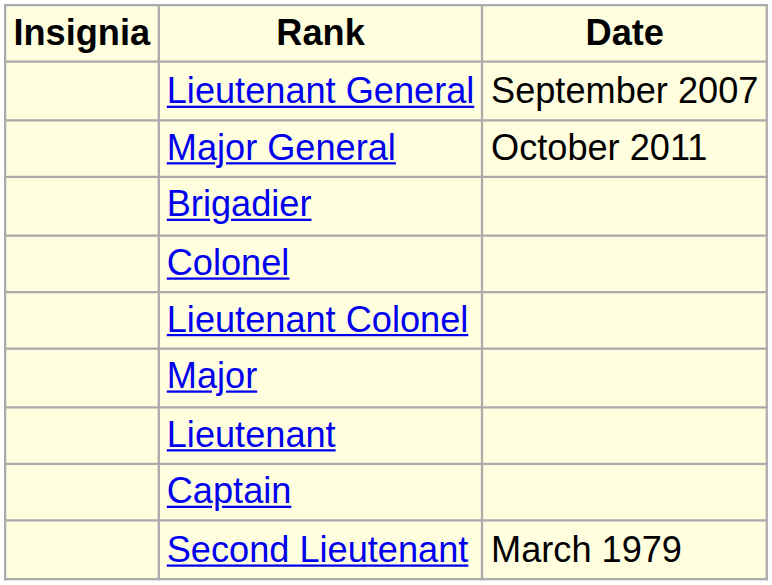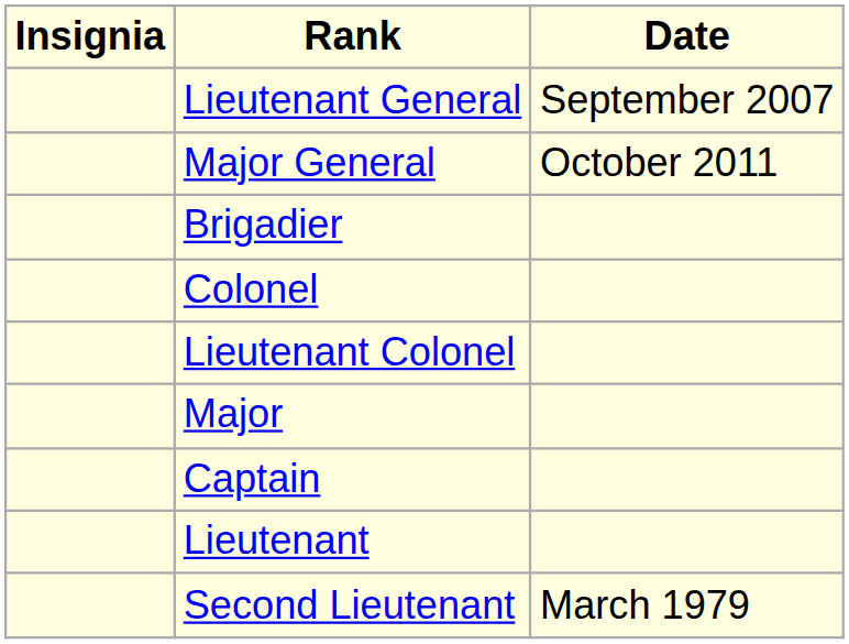 <table class="wikitable">
 <tr>
 <th style="background:#FFFFE0">Insignia</th>
 <th style="background:#FFFFE0">Rank</th>
 <th style="background:#FFFFE0">Date</th>
 </tr>
 <tr>
 <td style="background:#FFFFE0"> </td>
 <td style="background:#FFFFE0"><a href='#'>Lieutenant General</a></td>
 <td style="background:#FFFFE0">September 2007</td>
 </tr>
 <tr>
 <td style="background:#FFFFE0"> </td>
 <td style="background:#FFFFE0"><a href='#'>Major General</a></td>
 <td style="background:#FFFFE0">October 2011</td>
 </tr>
 <tr>
 <td style="background:#FFFFE0"> </td>
 <td style="background:#FFFFE0"><a href='#'>Brigadier</a></td>
 <td style="background:#FFFFE0"></td>
 </tr>
 <tr>
 <td style="background:#FFFFE0"></td>
 <td style="background:#FFFFE0"><a href='#'>Colonel</a></td>
 <td style="background:#FFFFE0"></td>
 </tr>
 <tr>
 <td style="background:#FFFFE0"></td>
 <td style="background:#FFFFE0"><a href='#'>Lieutenant Colonel</a></td>
 <td style="background:#FFFFE0"></td>
 </tr>
 <tr>
 <td style="background:#FFFFE0"></td>
 <td style="background:#FFFFE0"><a href='#'>Major</a></td>
 <td style="background:#FFFFE0"></td>
 </tr>
 <tr>
 <td style="background:#FFFFE0"></td>
-<td style="background:#FFFFE0"><a href='#'>Lieutenant</a></td>
+<td style="background:#FFFFE0"><a href='#'>Captain</a></td>
 <td style="background:#FFFFE0"></td>
 </tr>
 <tr>
 <td style="background:#FFFFE0"></td>
-<td style="background:#FFFFE0"><a href='#'>Captain</a></td>
+<td style="background:#FFFFE0"><a href='#'>Lieutenant</a></td>
 <td style="background:#FFFFE0"></td>
 </tr>
 <tr>
 <td style="background:#FFFFE0"></td>
 <td style="background:#FFFFE0"><a href='#'>Second Lieutenant</a></td>
 <td style="background:#FFFFE0">March 1979</td>
 </tr>
 </table>
